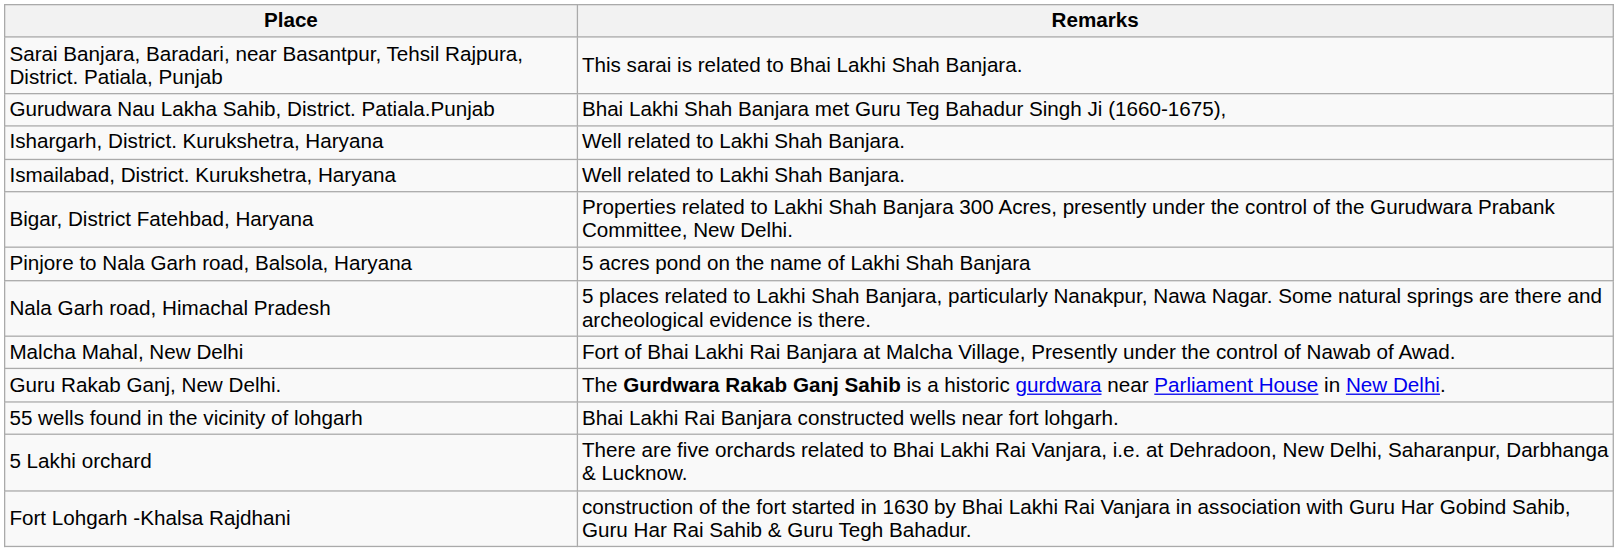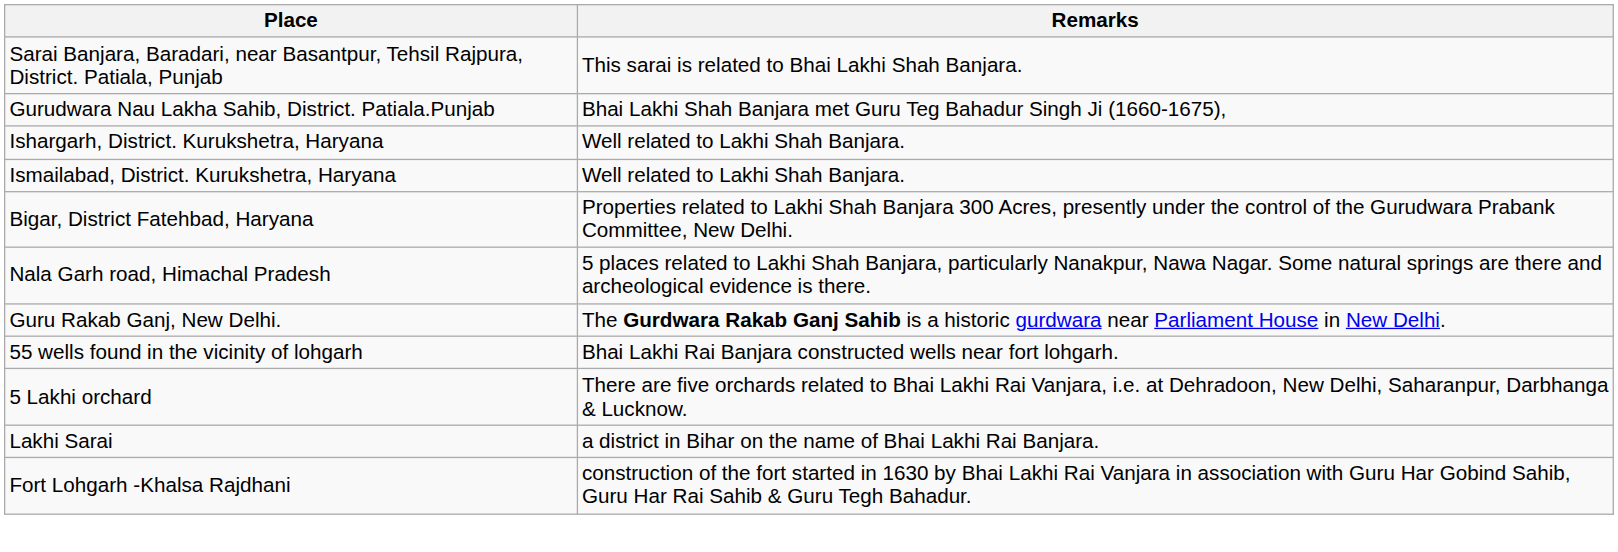 <table class="wikitable">
 <tr>
 <th>Place</th>
 <th>Remarks</th>
 </tr>
 <tr>
 <td>Sarai Banjara, Baradari, near Basantpur, Tehsil Rajpura, District. Patiala, Punjab</td>
 <td>This sarai is related to Bhai Lakhi Shah Banjara.<br> </td>
 </tr>
 <tr>
 <td>Gurudwara Nau Lakha Sahib, District. Patiala.Punjab</td>
 <td>Bhai Lakhi Shah Banjara met Guru Teg Bahadur Singh Ji (1660-1675),</td>
 </tr>
 <tr>
 <td>Ishargarh, District. Kurukshetra, Haryana</td>
 <td>Well related to Lakhi Shah Banjara.</td>
 </tr>
 <tr>
 <td>Ismailabad, District. Kurukshetra, Haryana</td>
 <td>Well related to Lakhi Shah Banjara.</td>
 </tr>
 <tr>
 <td>Bigar, District Fatehbad, Haryana</td>
 <td>Properties related to Lakhi Shah Banjara 300 Acres, presently under the control of the Gurudwara Prabank Committee, New Delhi.</td>
 </tr>
 <tr>
-<td>Pinjore to Nala Garh road, Balsola, Haryana</td>
-<td>5 acres pond on the name of Lakhi Shah Banjara</td>
-</tr>
-<tr>
 <td>Nala Garh road, Himachal Pradesh</td>
 <td>5 places related to Lakhi Shah Banjara, particularly Nanakpur, Nawa Nagar. Some natural springs are there and archeological evidence is there.</td>
-</tr>
-<tr>
-<td>Malcha Mahal, New Delhi</td>
-<td>Fort of Bhai Lakhi Rai Banjara at Malcha Village, Presently under the control of Nawab of Awad.</td>
 </tr>
 <tr>
 <td>Guru Rakab Ganj, New Delhi.</td>
 <td>The <strong>Gurdwara Rakab Ganj Sahib</strong> is a historic <a href='#'>gurdwara</a> near <a href='#'>Parliament House</a> in <a href='#'>New Delhi</a>.</td>
 </tr>
 <tr>
 <td>55 wells found in the vicinity of lohgarh</td>
 <td>Bhai Lakhi Rai Banjara constructed wells near fort lohgarh.</td>
 </tr>
 <tr>
 <td>5 Lakhi orchard</td>
 <td>There are five orchards related to Bhai Lakhi Rai Vanjara, i.e. at Dehradoon, New Delhi, Saharanpur, Darbhanga & Lucknow.</td>
 </tr>
 <tr>
+<td>Lakhi Sarai</td>
+<td>a district in Bihar on the name of Bhai Lakhi Rai Banjara.</td>
+</tr>
+<tr>
 <td>Fort Lohgarh -Khalsa Rajdhani</td>
 <td>construction of the fort started in 1630 by Bhai Lakhi Rai Vanjara in association with Guru Har Gobind Sahib, Guru Har Rai Sahib & Guru Tegh Bahadur.</td>
 </tr>
 </table>
